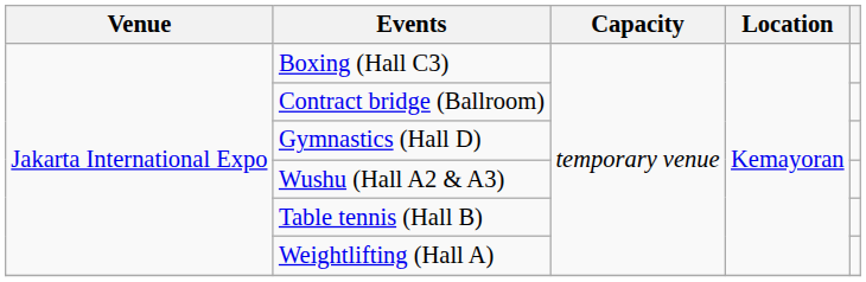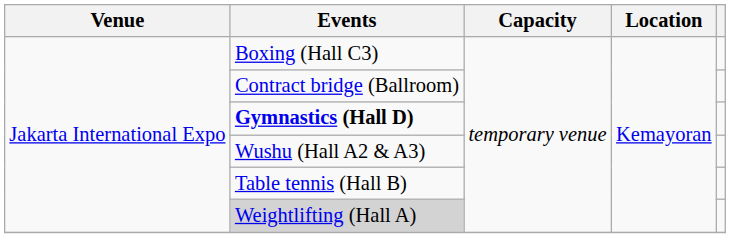 <table class="wikitable">
 <tr>
 <th>Venue</th>
 <th>Events</th>
 <th>Capacity</th>
 <th>Location</th>
 <th></th>
 </tr>
 <tr>
 <td rowspan="6"><a href='#'>Jakarta International Expo</a></td>
 <td><a href='#'>Boxing</a> (Hall C3)</td>
 <td rowspan="6"><em>temporary venue</em></td>
 <td rowspan="6"><a href='#'>Kemayoran</a></td>
 <td></td>
 </tr>
 <tr>
 <td><a href='#'>Contract bridge</a> (Ballroom)</td>
 <td></td>
 </tr>
 <tr>
-<td><a href='#'>Gymnastics</a> (Hall D)</td>
+<td><strong><a href='#'>Gymnastics</a> (Hall D)</strong></td>
 <td></td>
 </tr>
 <tr>
 <td><a href='#'>Wushu</a> (Hall A2 & A3)</td>
 <td></td>
 </tr>
 <tr>
 <td><a href='#'>Table tennis</a> (Hall B)</td>
 <td></td>
 </tr>
 <tr>
-<td><a href='#'>Weightlifting</a> (Hall A)</td>
+<td style="background: lightgrey;"><a href='#'>Weightlifting</a> (Hall A)</td>
 <td></td>
 </tr>
 <tr>
 </tr>
 </table>
